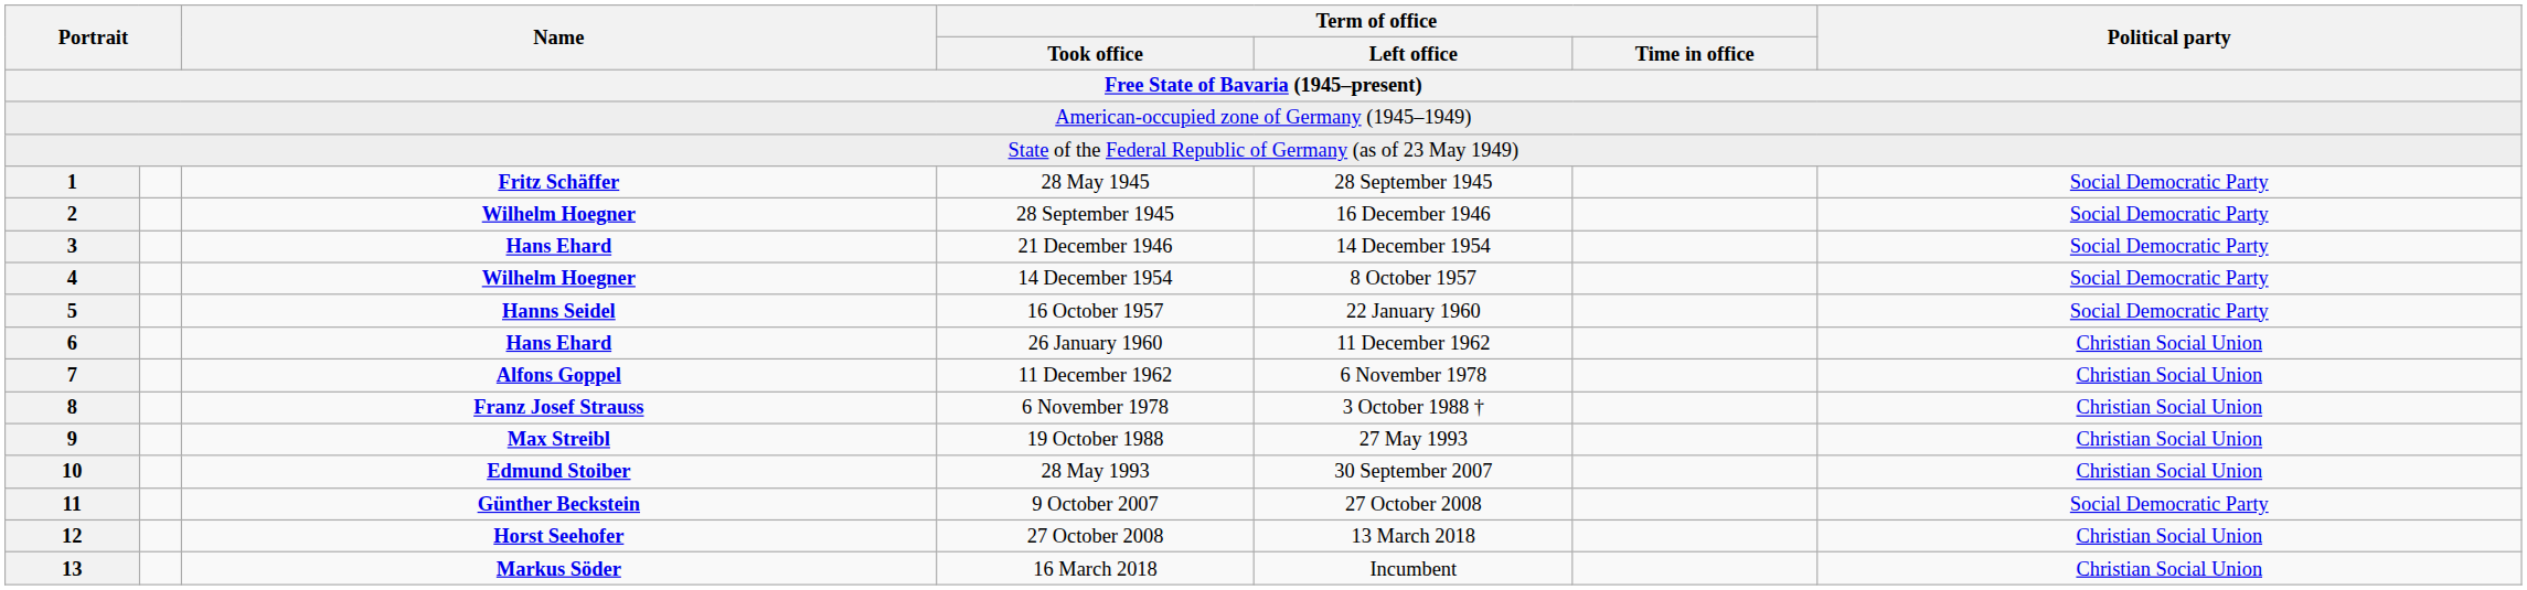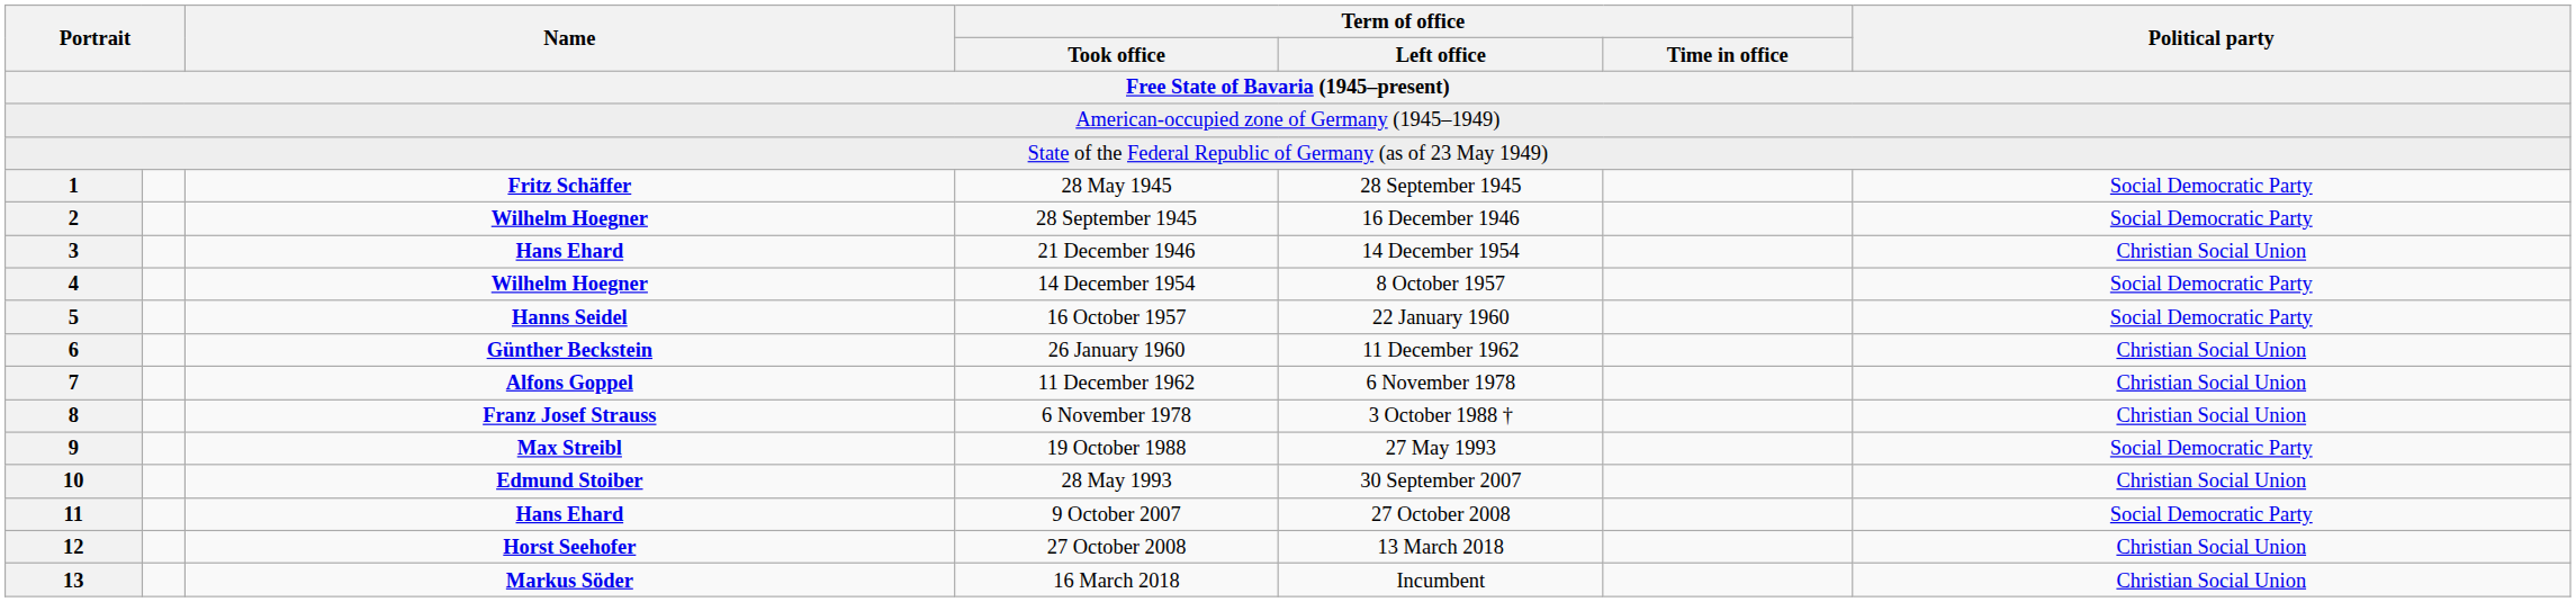 <table class="wikitable" style="text-align:center; width:100%; border:1px #AAAAFF solid">
 <tr>
 <th width=80px rowspan=2 colspan=2>Portrait</th>
 <th width=30% rowspan=2>Name<br></th>
 <th width=35% colspan=3>Term of office</th>
 <th width=28% rowspan=2>Political party</th>
 </tr>
 <tr>
 <th>Took office</th>
 <th>Left office</th>
 <th>Time in office</th>
 </tr>
 <tr>
 <th colspan="7"><a href='#'>Free State of Bavaria</a> (1945–present)</th>
 </tr>
 <tr>
 <td bgcolor=#EEEEEE colspan=7><a href='#'>American-occupied zone of Germany</a> (1945–1949)</td>
 </tr>
 <tr>
 <td bgcolor=#EEEEEE colspan=7><a href='#'>State</a> of the <a href='#'>Federal Republic of Germany</a> (as of 23 May 1949)</td>
 </tr>
 <tr>
 <th style="background:">1</th>
 <td></td>
 <td><strong><a href='#'>Fritz Schäffer</a></strong><br></td>
 <td>28 May 1945</td>
 <td>28 September 1945</td>
 <td></td>
 <td><a href='#'>Social Democratic Party</a></td>
 </tr>
 <tr>
 <th style="background:">2</th>
 <td></td>
 <td><strong><a href='#'>Wilhelm Hoegner</a></strong><br></td>
 <td>28 September 1945</td>
 <td>16 December 1946</td>
 <td></td>
 <td><a href='#'>Social Democratic Party</a></td>
 </tr>
 <tr>
 <th style="background:">3</th>
 <td></td>
 <td><strong><a href='#'>Hans Ehard</a></strong><br></td>
 <td>21 December 1946</td>
 <td>14 December 1954</td>
 <td></td>
-<td><a href='#'>Social Democratic Party</a></td>
+<td><a href='#'>Christian Social Union</a></td>
 </tr>
 <tr>
 <th style="background:">4<br></th>
 <td></td>
 <td><strong><a href='#'>Wilhelm Hoegner</a></strong><br></td>
 <td>14 December 1954</td>
 <td>8 October 1957<br></td>
 <td></td>
 <td><a href='#'>Social Democratic Party</a></td>
 </tr>
 <tr>
 <th style="background:">5</th>
 <td></td>
 <td><strong><a href='#'>Hanns Seidel</a></strong><br></td>
 <td>16 October 1957</td>
 <td>22 January 1960<br></td>
 <td></td>
 <td><a href='#'>Social Democratic Party</a></td>
 </tr>
 <tr>
 <th style="background:">6<br></th>
 <td></td>
-<td><strong><a href='#'>Hans Ehard</a></strong><br></td>
+<td><strong><a href='#'>Günther Beckstein</a></strong><br></td>
 <td>26 January 1960</td>
 <td>11 December 1962</td>
 <td></td>
 <td><a href='#'>Christian Social Union</a></td>
 </tr>
 <tr>
 <th style="background:">7</th>
 <td></td>
 <td><strong><a href='#'>Alfons Goppel</a></strong><br></td>
 <td>11 December 1962</td>
 <td>6 November 1978</td>
 <td></td>
 <td><a href='#'>Christian Social Union</a></td>
 </tr>
 <tr>
 <th style="background:">8</th>
 <td></td>
 <td><strong><a href='#'>Franz Josef Strauss</a></strong><br></td>
 <td>6 November 1978</td>
 <td>3 October 1988 †</td>
 <td></td>
 <td><a href='#'>Christian Social Union</a></td>
 </tr>
 <tr>
 <th style="background:">9</th>
 <td></td>
 <td><strong><a href='#'>Max Streibl</a></strong><br></td>
 <td>19 October 1988</td>
 <td>27 May 1993<br></td>
 <td></td>
-<td><a href='#'>Christian Social Union</a></td>
+<td><a href='#'>Social Democratic Party</a></td>
 </tr>
 <tr>
 <th style="background:">10</th>
 <td></td>
 <td><strong><a href='#'>Edmund Stoiber</a></strong><br></td>
 <td>28 May 1993</td>
 <td>30 September 2007<br></td>
 <td></td>
 <td><a href='#'>Christian Social Union</a></td>
 </tr>
 <tr>
 <th style="background:">11</th>
 <td></td>
-<td><strong><a href='#'>Günther Beckstein</a></strong><br></td>
+<td><strong><a href='#'>Hans Ehard</a></strong><br></td>
 <td>9 October 2007</td>
 <td>27 October 2008</td>
 <td></td>
 <td><a href='#'>Social Democratic Party</a></td>
 </tr>
 <tr>
 <th style="background:">12</th>
 <td></td>
 <td><strong><a href='#'>Horst Seehofer</a></strong><br></td>
 <td>27 October 2008</td>
 <td>13 March 2018<br></td>
 <td></td>
 <td><a href='#'>Christian Social Union</a></td>
 </tr>
 <tr>
 <th style="background:">13</th>
 <td></td>
 <td><strong><a href='#'>Markus Söder</a></strong><br></td>
 <td>16 March 2018</td>
 <td>Incumbent</td>
 <td></td>
 <td><a href='#'>Christian Social Union</a></td>
 </tr>
 </table>
